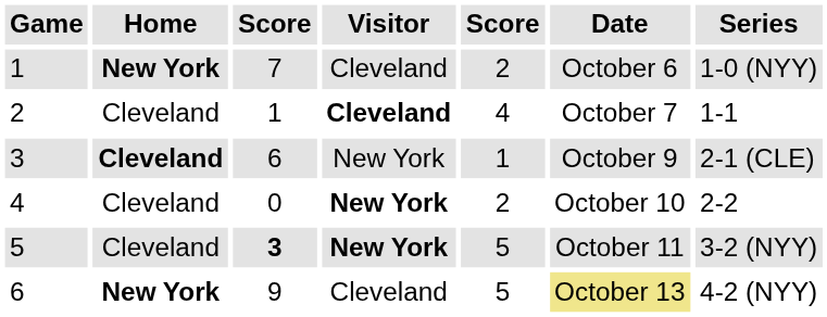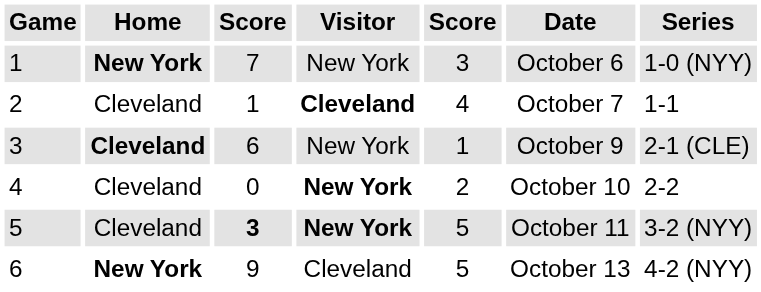 <table border="0" cellspacing="3" cellpadding="3">
 <tr style="background: #e3e3e3;">
 <th>Game</th>
 <th>Home</th>
 <th>Score</th>
 <th>Visitor</th>
 <th>Score</th>
 <th>Date</th>
 <th>Series</th>
 </tr>
 <tr style="background: #e3e3e3;">
 <td>1</td>
 <td align="center"><strong>New York</strong></td>
 <td align="center">7</td>
-<td align="center">Cleveland</td>
-<td align="center">2</td>
+<td align="center">New York</td>
+<td align="center">3</td>
 <td align="center">October 6</td>
 <td>1-0 (NYY)</td>
 </tr>
 <tr>
 <td>2</td>
 <td align="center">Cleveland</td>
 <td align="center">1</td>
 <td align="center"><strong>Cleveland</strong></td>
 <td align="center">4</td>
 <td align="center">October 7</td>
 <td>1-1</td>
 </tr>
 <tr style="background: #e3e3e3;">
 <td>3</td>
 <td align="center"><strong>Cleveland</strong></td>
 <td align="center">6</td>
 <td align="center">New York</td>
 <td align="center">1</td>
 <td align="center">October 9</td>
 <td>2-1 (CLE)</td>
 </tr>
 <tr>
 <td>4</td>
 <td align="center">Cleveland</td>
 <td align="center">0</td>
 <td align="center"><strong>New York</strong></td>
 <td align="center">2</td>
 <td align="center">October 10</td>
 <td>2-2</td>
 </tr>
 <tr style="background: #e3e3e3;">
 <td>5</td>
 <td align="center">Cleveland</td>
 <td align="center"><strong>3</strong></td>
 <td align="center"><strong>New York</strong></td>
 <td align="center">5</td>
 <td align="center">October 11</td>
 <td>3-2 (NYY)</td>
 </tr>
 <tr>
 <td>6</td>
 <td align="center"><strong>New York</strong></td>
 <td align="center">9</td>
 <td align="center">Cleveland</td>
 <td align="center">5</td>
-<td align="center" style="background: khaki;">October 13</td>
+<td align="center">October 13</td>
 <td>4-2 (NYY)</td>
 </tr>
 </table>
